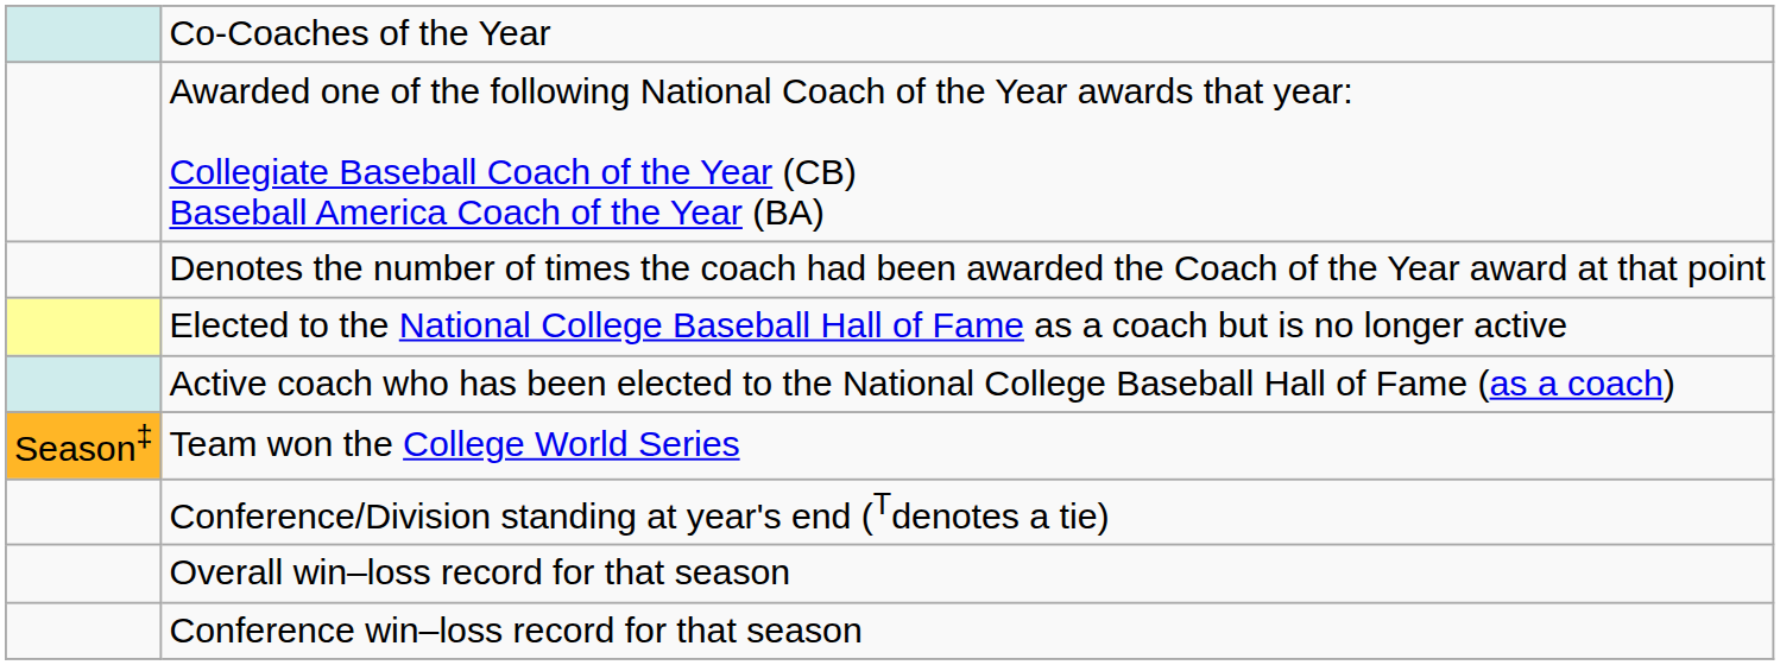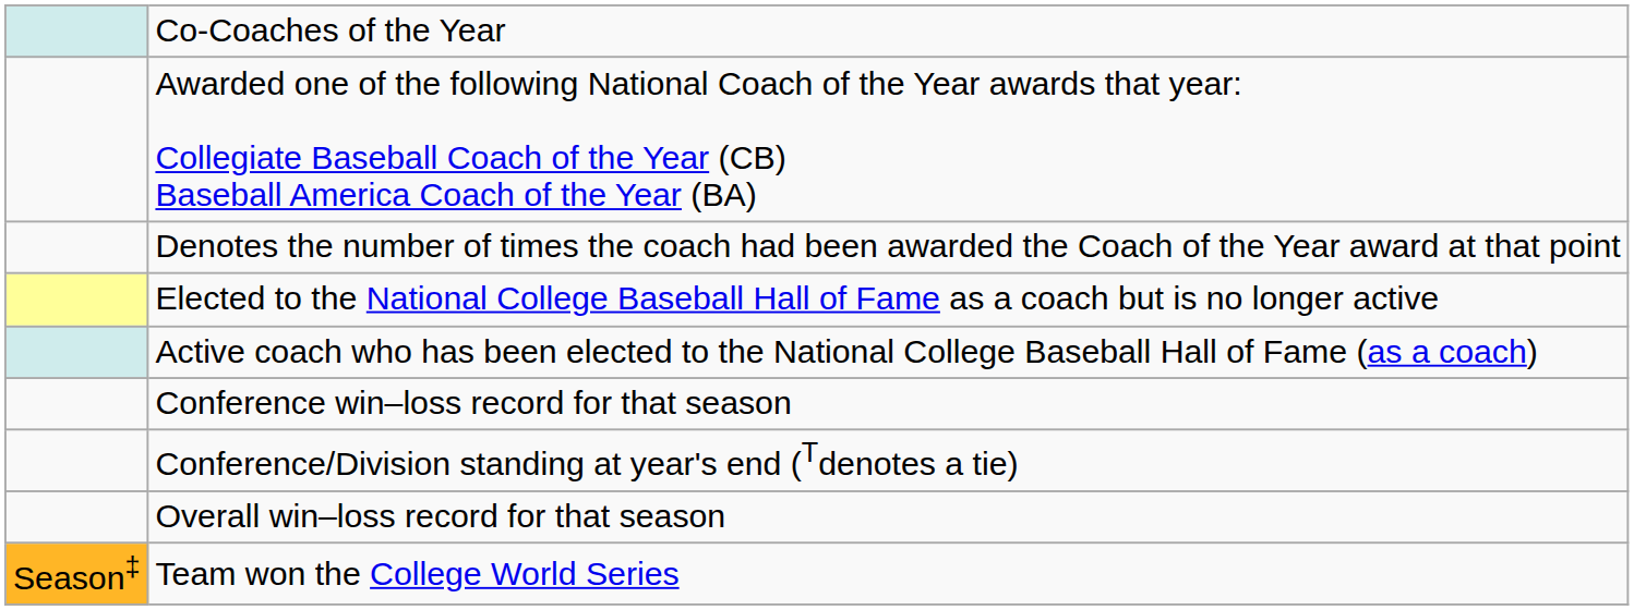 <table class="wikitable">
 <tr>
 <td style="background:#cfecec;"></td>
 <td>Co-Coaches of the Year</td>
 </tr>
 <tr>
 <td></td>
 <td>Awarded one of the following National Coach of the Year awards that year:<br><br><a href='#'>Collegiate Baseball Coach of the Year</a> (CB)<br> <a href='#'>Baseball America Coach of the Year</a> (BA)</td>
 </tr>
 <tr>
 <td></td>
 <td>Denotes the number of times the coach had been awarded the Coach of the Year award at that point</td>
 </tr>
 <tr>
 <td style="background:#ff9; width:3em;"></td>
 <td>Elected to the <a href='#'>National College Baseball Hall of Fame</a> as a coach but is no longer active</td>
 </tr>
 <tr>
 <td style="background:#cfecec; width:3em;"></td>
 <td>Active coach who has been elected to the National College Baseball Hall of Fame (<a href='#'>as a coach</a>)</td>
 </tr>
 <tr>
-<td style="background:#ffb626; width:3em;">Season<sup>‡</sup></td>
-<td>Team won the <a href='#'>College World Series</a></td>
+<td></td>
+<td>Conference win–loss record for that season</td>
 </tr>
 <tr>
 <td></td>
 <td>Conference/Division standing at year's end (<sup>T</sup>denotes a tie)</td>
 </tr>
 <tr>
 <td></td>
 <td>Overall win–loss record for that season</td>
 </tr>
 <tr>
-<td></td>
-<td>Conference win–loss record for that season</td>
+<td style="background:#ffb626; width:3em;">Season<sup>‡</sup></td>
+<td>Team won the <a href='#'>College World Series</a></td>
 </tr>
 </table>
